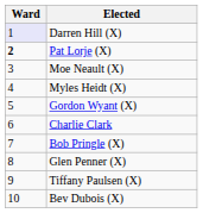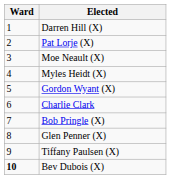 <table class="wikitable">
 <tr>
 <th bgcolor="#DDDDFF" width="50px">Ward</th>
 <th bgcolor="#DDDDFF" width="200px">Elected</th>
 </tr>
 <tr>
-<td style="background: lavender;">1</td>
+<td>1</td>
 <td>Darren Hill (X)</td>
 </tr>
 <tr>
-<td><strong>2</strong></td>
+<td>2</td>
 <td><a href='#'>Pat Lorje</a> (X)</td>
 </tr>
 <tr>
 <td>3</td>
 <td>Moe Neault (X)</td>
 </tr>
 <tr>
 <td>4</td>
 <td>Myles Heidt (X)</td>
 </tr>
 <tr>
 <td>5</td>
 <td><a href='#'>Gordon Wyant</a> (X)</td>
 </tr>
 <tr>
 <td>6</td>
 <td><a href='#'>Charlie Clark</a></td>
 </tr>
 <tr>
 <td>7</td>
 <td><a href='#'>Bob Pringle</a> (X)</td>
 </tr>
 <tr>
 <td>8</td>
 <td>Glen Penner (X)</td>
 </tr>
 <tr>
 <td>9</td>
 <td>Tiffany Paulsen (X)</td>
 </tr>
 <tr>
-<td>10</td>
+<td><strong>10</strong></td>
 <td>Bev Dubois (X)</td>
 </tr>
 </table>
